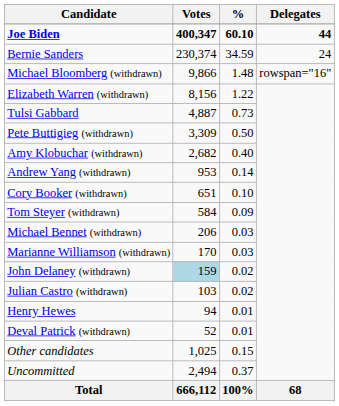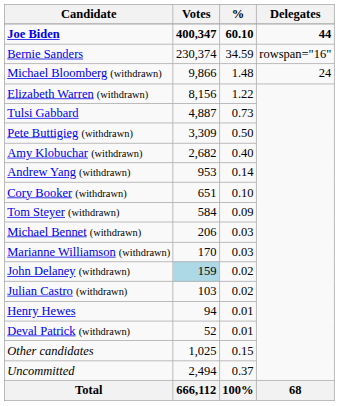 <table class="wikitable sortable" style="text-align:right;">
 <tr>
 <th>Candidate</th>
 <th>Votes</th>
 <th>%</th>
 <th>Delegates</th>
 </tr>
 <tr>
 </tr>
 <tr>
 <td style="text-align:left;" data-sort-value="Biden, Joe"><strong><a href='#'>Joe Biden</a></strong></td>
 <td><strong>400,347</strong></td>
 <td><strong>60.10</strong></td>
 <td><strong>44</strong></td>
 </tr>
 <tr>
 <td style="text-align:left;" data-sort-value="Sanders, Bernie"><a href='#'>Bernie Sanders</a></td>
 <td>230,374</td>
 <td>34.59</td>
-<td>24</td>
+<td>rowspan="16" </td>
 </tr>
 <tr>
 <td style="text-align:left;" data-sort-value="Bloomberg, Michael"><a href='#'>Michael Bloomberg</a> <small>(withdrawn)</small></td>
 <td>9,866</td>
 <td>1.48</td>
-<td>rowspan="16" </td>
+<td>24</td>
 </tr>
 <tr>
 <td style="text-align:left;" data-sort-value="Warren, Elizabeth"><a href='#'>Elizabeth Warren</a> <small>(withdrawn)</small></td>
 <td>8,156</td>
 <td>1.22</td>
 </tr>
 <tr>
 <td style="text-align:left;" data-sort-value="Gabbard, Tulsi"><a href='#'>Tulsi Gabbard</a></td>
 <td>4,887</td>
 <td>0.73</td>
 </tr>
 <tr>
 <td style="text-align:left;" data-sort-value="Buttigieg, Pete"><a href='#'>Pete Buttigieg</a> <small>(withdrawn)</small></td>
 <td>3,309</td>
 <td>0.50</td>
 </tr>
 <tr>
 <td style="text-align:left;" data-sort-value="Klobuchar, Amy"><a href='#'>Amy Klobuchar</a> <small>(withdrawn)</small></td>
 <td>2,682</td>
 <td>0.40</td>
 </tr>
 <tr>
 <td style="text-align:left;" data-sort-value="Yang, Andrew"><a href='#'>Andrew Yang</a> <small>(withdrawn)</small></td>
 <td>953</td>
 <td>0.14</td>
 </tr>
 <tr>
 <td style="text-align:left;" data-sort-value="Booker, Cory"><a href='#'>Cory Booker</a> <small>(withdrawn)</small></td>
 <td>651</td>
 <td>0.10</td>
 </tr>
 <tr>
 <td style="text-align:left;" data-sort-value="Steyer, Tom"><a href='#'>Tom Steyer</a> <small>(withdrawn)</small></td>
 <td>584</td>
 <td>0.09</td>
 </tr>
 <tr>
 <td style="text-align:left;" data-sort-value="Bennet, Michael"><a href='#'>Michael Bennet</a> <small>(withdrawn)</small></td>
 <td>206</td>
 <td>0.03</td>
 </tr>
 <tr>
 <td style="text-align:left;" data-sort-value="Williamson, Marianne"><a href='#'>Marianne Williamson</a> <small>(withdrawn)</small></td>
 <td>170</td>
 <td>0.03</td>
 </tr>
 <tr>
 <td style="text-align:left;" data-sort-value="Delaney, John"><a href='#'>John Delaney</a> <small>(withdrawn)</small></td>
 <td style="background: lightblue;">159</td>
 <td>0.02</td>
 </tr>
 <tr>
 <td style="text-align:left;" data-sort-value="Castro, Julian"><a href='#'>Julian Castro</a> <small>(withdrawn)</small></td>
 <td>103</td>
 <td>0.02</td>
 </tr>
 <tr>
 <td style="text-align:left;" data-sort-value="Hewes, Henry"><a href='#'>Henry Hewes</a></td>
 <td>94</td>
 <td>0.01</td>
 </tr>
 <tr>
 <td style="text-align:left;" data-sort-value="Patrick, Deval"><a href='#'>Deval Patrick</a> <small>(withdrawn)</small></td>
 <td>52</td>
 <td>0.01</td>
 </tr>
 <tr>
 <td style="text-align:left;"  data-sort-value="ZZA"><em>Other candidates</em></td>
 <td>1,025</td>
 <td>0.15</td>
 </tr>
 <tr>
 <td style="text-align:left;" data-sort-value="ZZB"><em>Uncommitted</em></td>
 <td>2,494</td>
 <td>0.37</td>
 </tr>
 <tr>
 <th>Total</th>
 <th>666,112</th>
 <th>100%</th>
 <th>68</th>
 </tr>
 </table>
